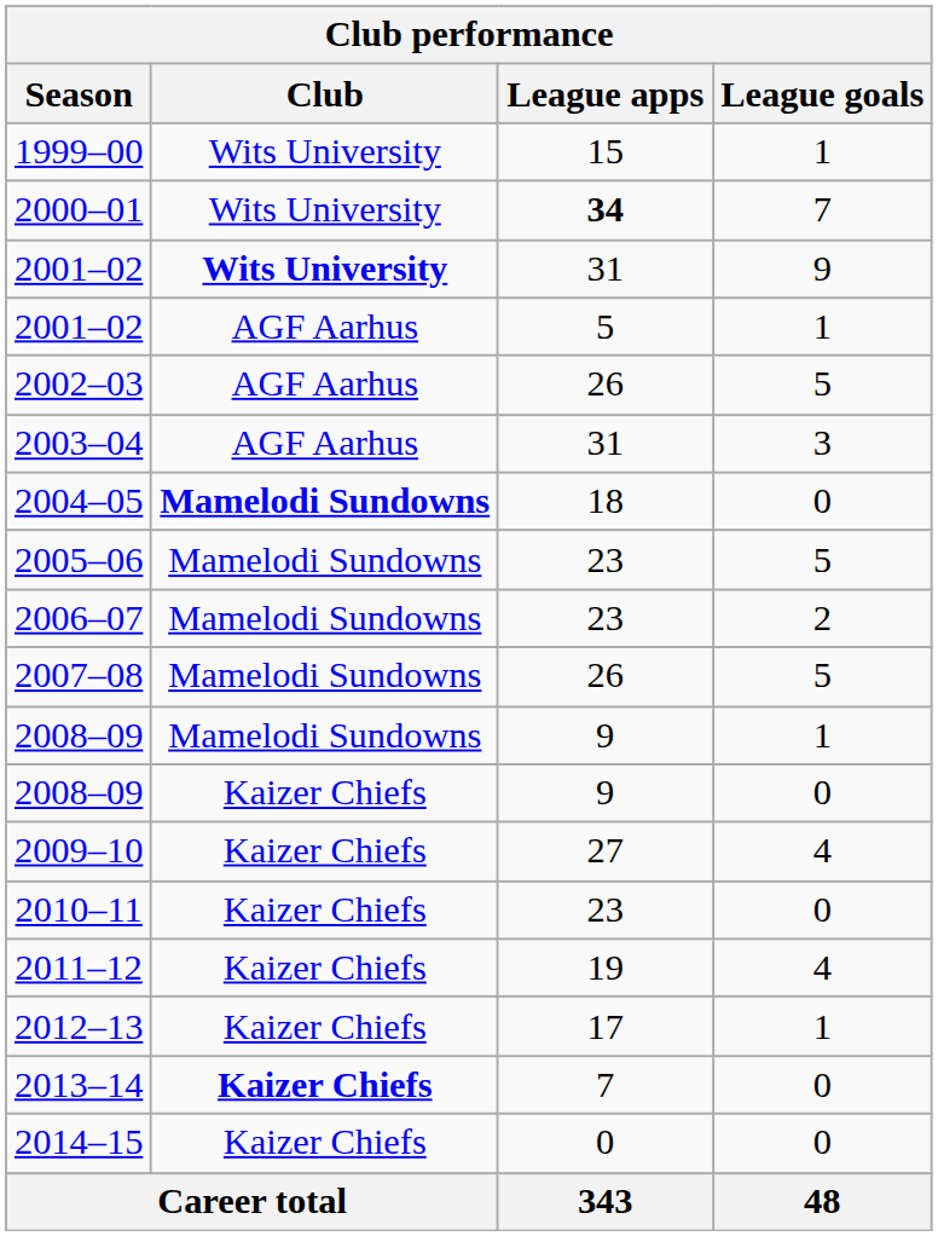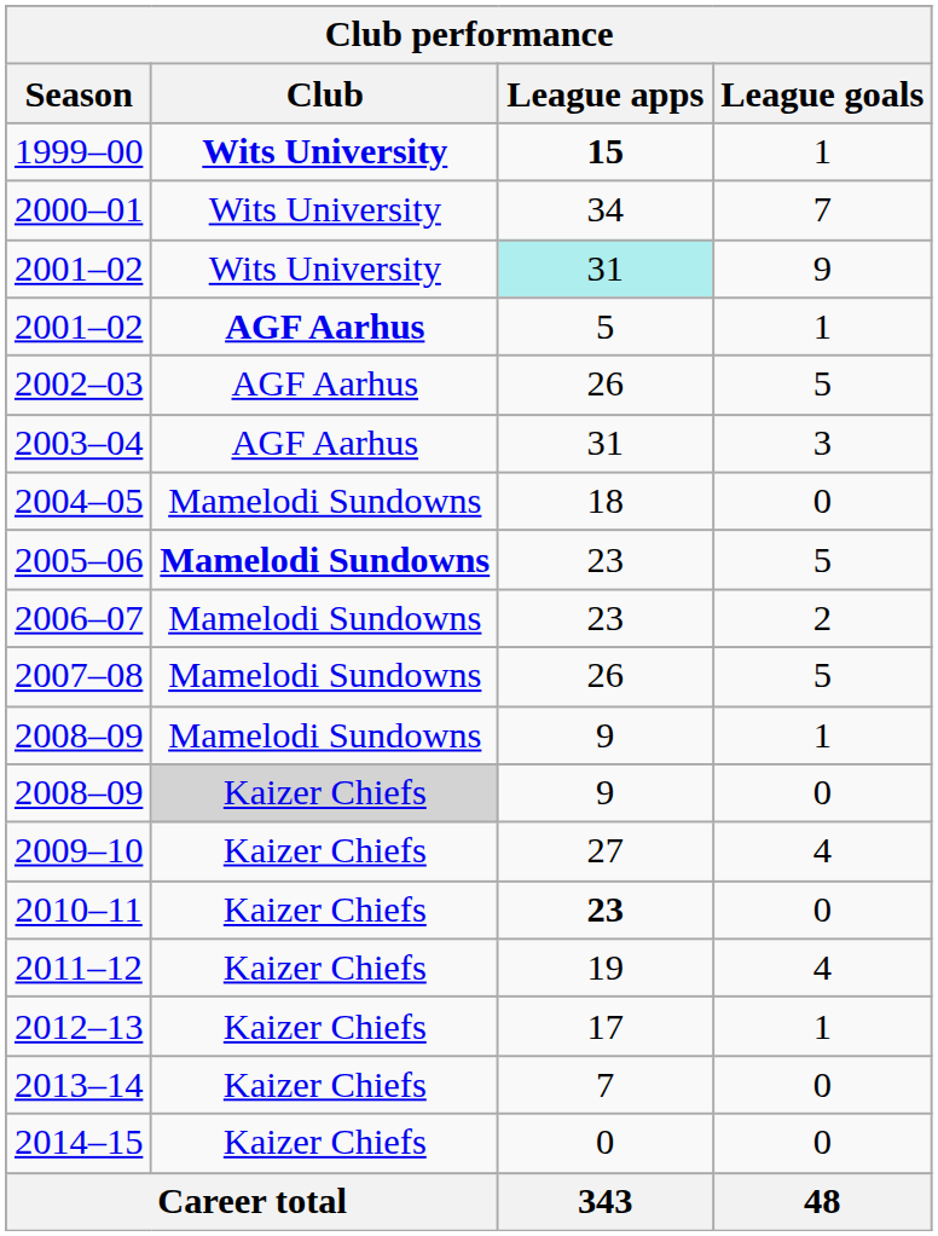 <table class="wikitable" style="text-align:center">
 <tr>
 <th colspan=4>Club performance</th>
 </tr>
 <tr>
 <th>Season</th>
 <th>Club</th>
 <th>League apps</th>
 <th>League goals</th>
 </tr>
 <tr>
 <td><a href='#'>1999–00</a></td>
-<td rowspan="1"><a href='#'>Wits University</a></td>
-<td>15</td>
+<td rowspan="1"><strong><a href='#'>Wits University</a></strong></td>
+<td><strong>15</strong></td>
 <td>1</td>
 </tr>
 <tr>
 <td><a href='#'>2000–01</a></td>
 <td rowspan="1"><a href='#'>Wits University</a></td>
-<td><strong>34</strong></td>
+<td>34</td>
 <td>7</td>
 </tr>
 <tr>
 <td><a href='#'>2001–02</a></td>
-<td rowspan="1"><strong><a href='#'>Wits University</a></strong></td>
-<td>31</td>
+<td rowspan="1"><a href='#'>Wits University</a></td>
+<td style="background: paleturquoise;">31</td>
 <td>9</td>
 </tr>
 <tr>
 <td><a href='#'>2001–02</a></td>
-<td rowspan="1"><a href='#'>AGF Aarhus</a></td>
+<td rowspan="1"><strong><a href='#'>AGF Aarhus</a></strong></td>
 <td>5</td>
 <td>1</td>
 </tr>
 <tr>
 <td><a href='#'>2002–03</a></td>
 <td rowspan="1"><a href='#'>AGF Aarhus</a></td>
 <td>26</td>
 <td>5</td>
 </tr>
 <tr>
 <td><a href='#'>2003–04</a></td>
 <td rowspan="1"><a href='#'>AGF Aarhus</a></td>
 <td>31</td>
 <td>3</td>
 </tr>
 <tr>
 <td><a href='#'>2004–05</a></td>
-<td rowspan="1"><strong><a href='#'>Mamelodi Sundowns</a></strong></td>
+<td rowspan="1"><a href='#'>Mamelodi Sundowns</a></td>
 <td>18</td>
 <td>0</td>
 </tr>
 <tr>
 <td><a href='#'>2005–06</a></td>
-<td rowspan="1"><a href='#'>Mamelodi Sundowns</a></td>
+<td rowspan="1"><strong><a href='#'>Mamelodi Sundowns</a></strong></td>
 <td>23</td>
 <td>5</td>
 </tr>
 <tr>
 <td><a href='#'>2006–07</a></td>
 <td rowspan="1"><a href='#'>Mamelodi Sundowns</a></td>
 <td>23</td>
 <td>2</td>
 </tr>
 <tr>
 <td><a href='#'>2007–08</a></td>
 <td rowspan="1"><a href='#'>Mamelodi Sundowns</a></td>
 <td>26</td>
 <td>5</td>
 </tr>
 <tr>
 <td><a href='#'>2008–09</a></td>
 <td rowspan="1"><a href='#'>Mamelodi Sundowns</a></td>
 <td>9</td>
 <td>1</td>
 </tr>
 <tr>
 <td><a href='#'>2008–09</a></td>
-<td rowspan="1"><a href='#'>Kaizer Chiefs</a></td>
+<td rowspan="1" style="background: lightgrey;"><a href='#'>Kaizer Chiefs</a></td>
 <td>9</td>
 <td>0</td>
 </tr>
 <tr>
 <td><a href='#'>2009–10</a></td>
 <td rowspan="1"><a href='#'>Kaizer Chiefs</a></td>
 <td>27</td>
 <td>4</td>
 </tr>
 <tr>
 <td><a href='#'>2010–11</a></td>
 <td rowspan="1"><a href='#'>Kaizer Chiefs</a></td>
-<td>23</td>
+<td><strong>23</strong></td>
 <td>0</td>
 </tr>
 <tr>
 <td><a href='#'>2011–12</a></td>
 <td rowspan="1"><a href='#'>Kaizer Chiefs</a></td>
 <td>19</td>
 <td>4</td>
 </tr>
 <tr>
 <td><a href='#'>2012–13</a></td>
 <td rowspan="1"><a href='#'>Kaizer Chiefs</a></td>
 <td>17</td>
 <td>1</td>
 </tr>
 <tr>
 <td><a href='#'>2013–14</a></td>
-<td rowspan="1"><strong><a href='#'>Kaizer Chiefs</a></strong></td>
+<td rowspan="1"><a href='#'>Kaizer Chiefs</a></td>
 <td>7</td>
 <td>0</td>
 </tr>
 <tr>
 <td><a href='#'>2014–15</a></td>
 <td rowspan="1"><a href='#'>Kaizer Chiefs</a></td>
 <td>0</td>
 <td>0</td>
 </tr>
 <tr>
 <th colspan=2>Career total</th>
 <th>343</th>
 <th>48</th>
 </tr>
 </table>
